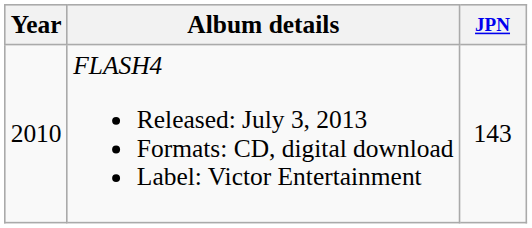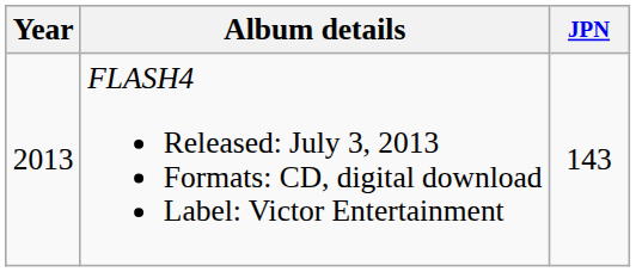 <table class ="wikitable">
 <tr>
 <th>Year</th>
 <th>Album details</th>
 <th style="width:3em;font-size:75%"><a href='#'>JPN</a><br></th>
 </tr>
 <tr>
-<td>2010</td>
+<td>2013</td>
 <td><em>FLASH4</em><br><ul><li>Released: July 3, 2013</li><li>Formats: CD, digital download</li><li>Label: Victor Entertainment</li></ul></td>
 <td style="text-align:center;">143</td>
 </tr>
 </table>
